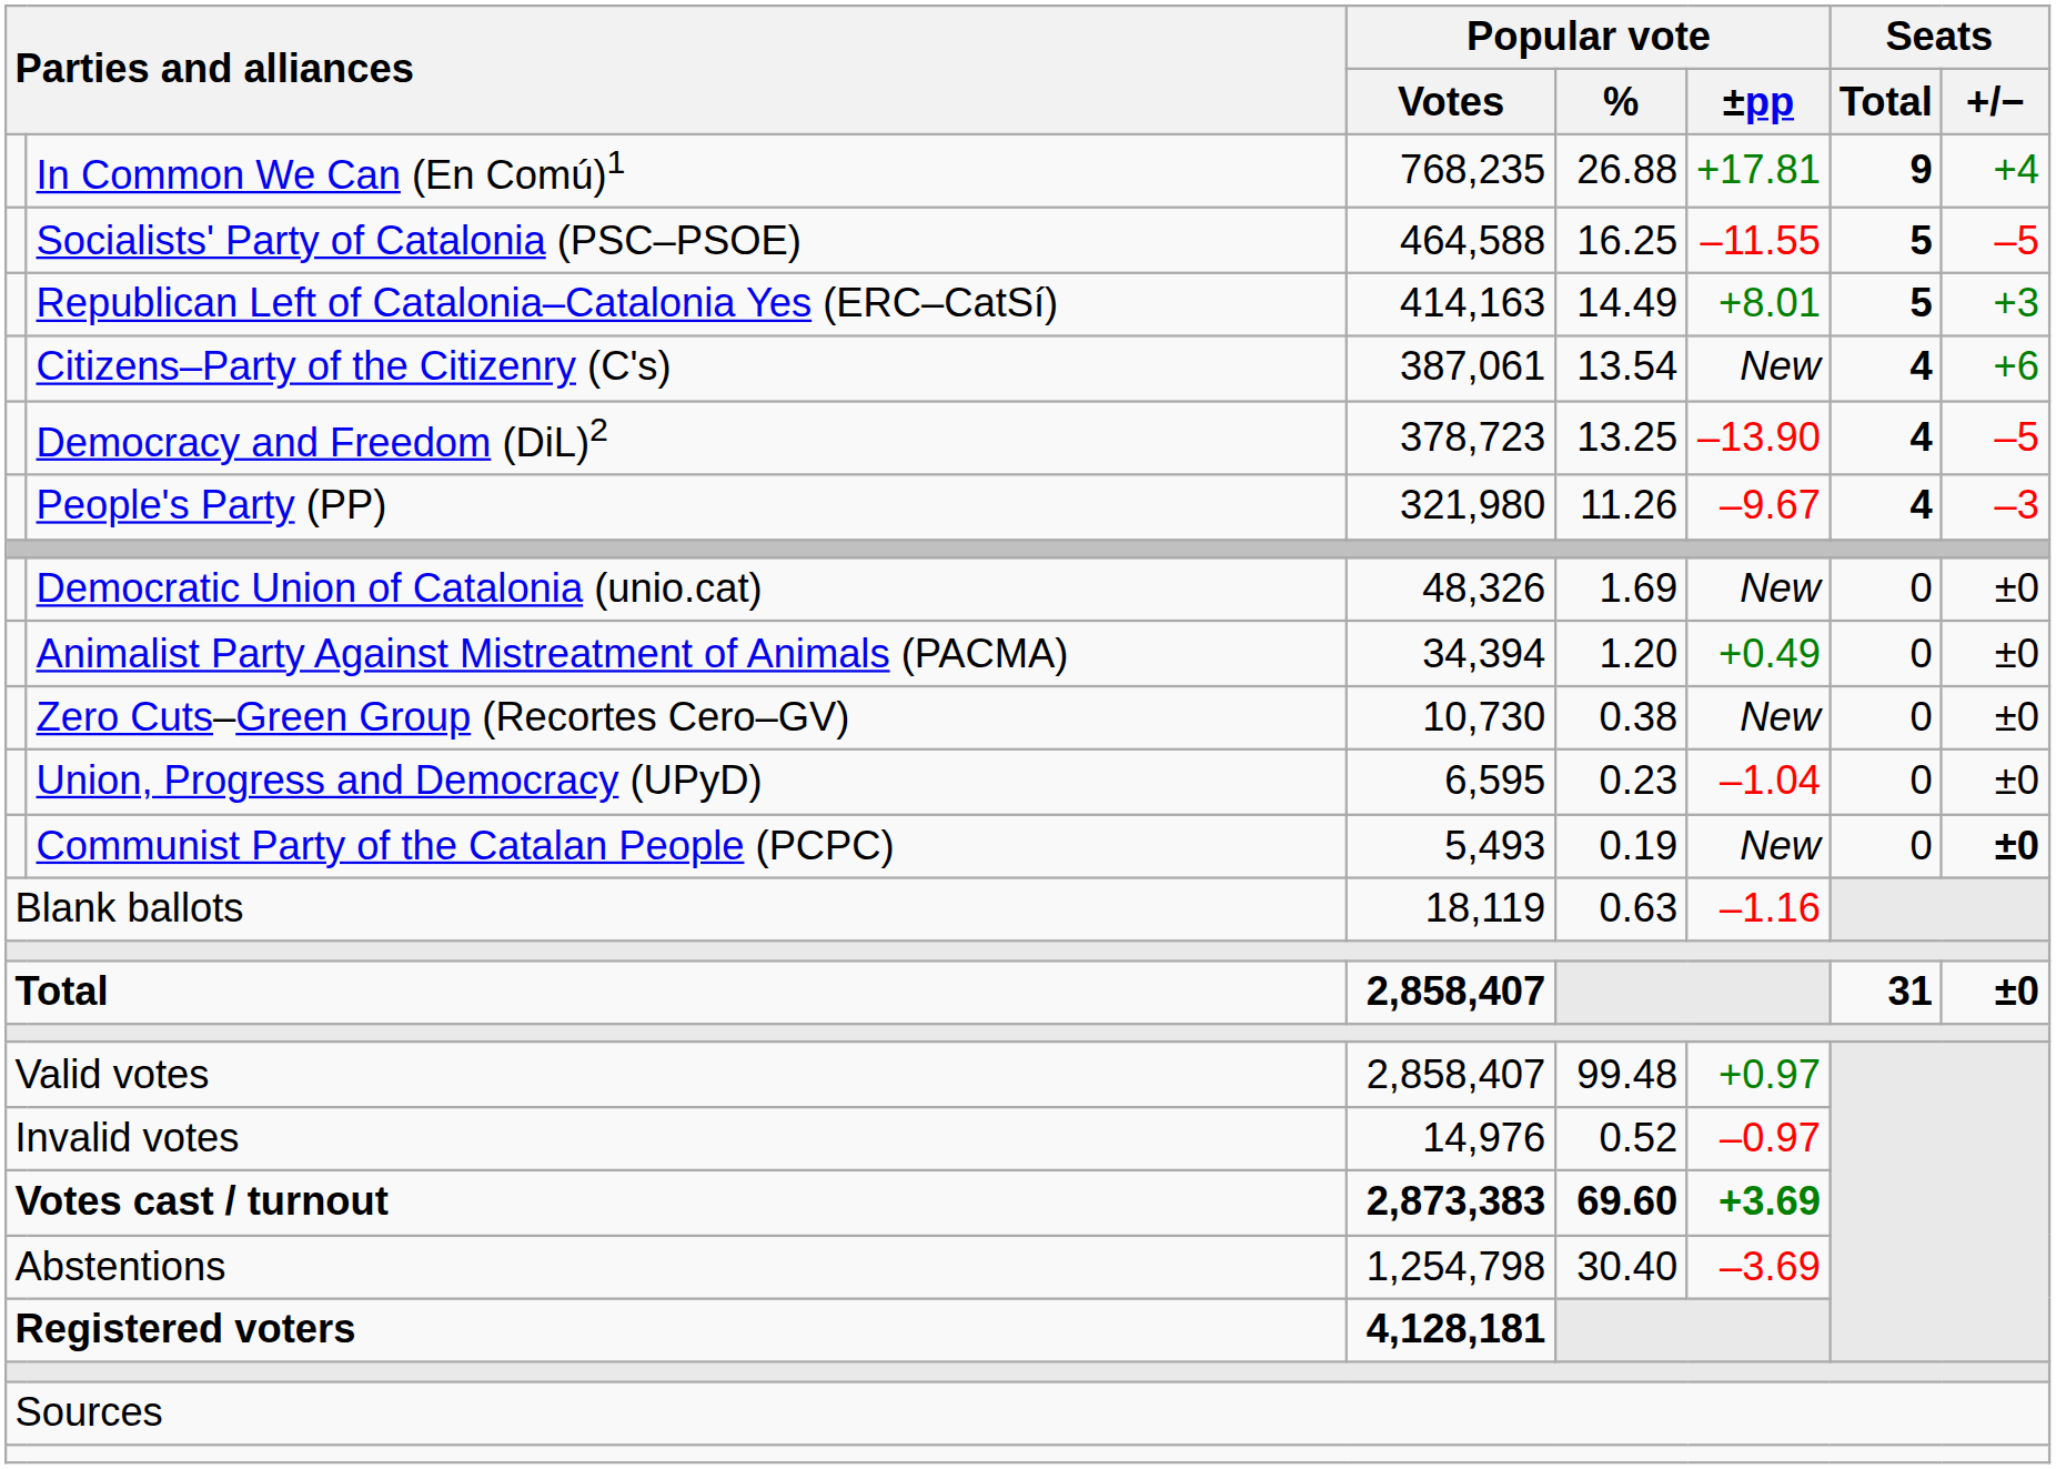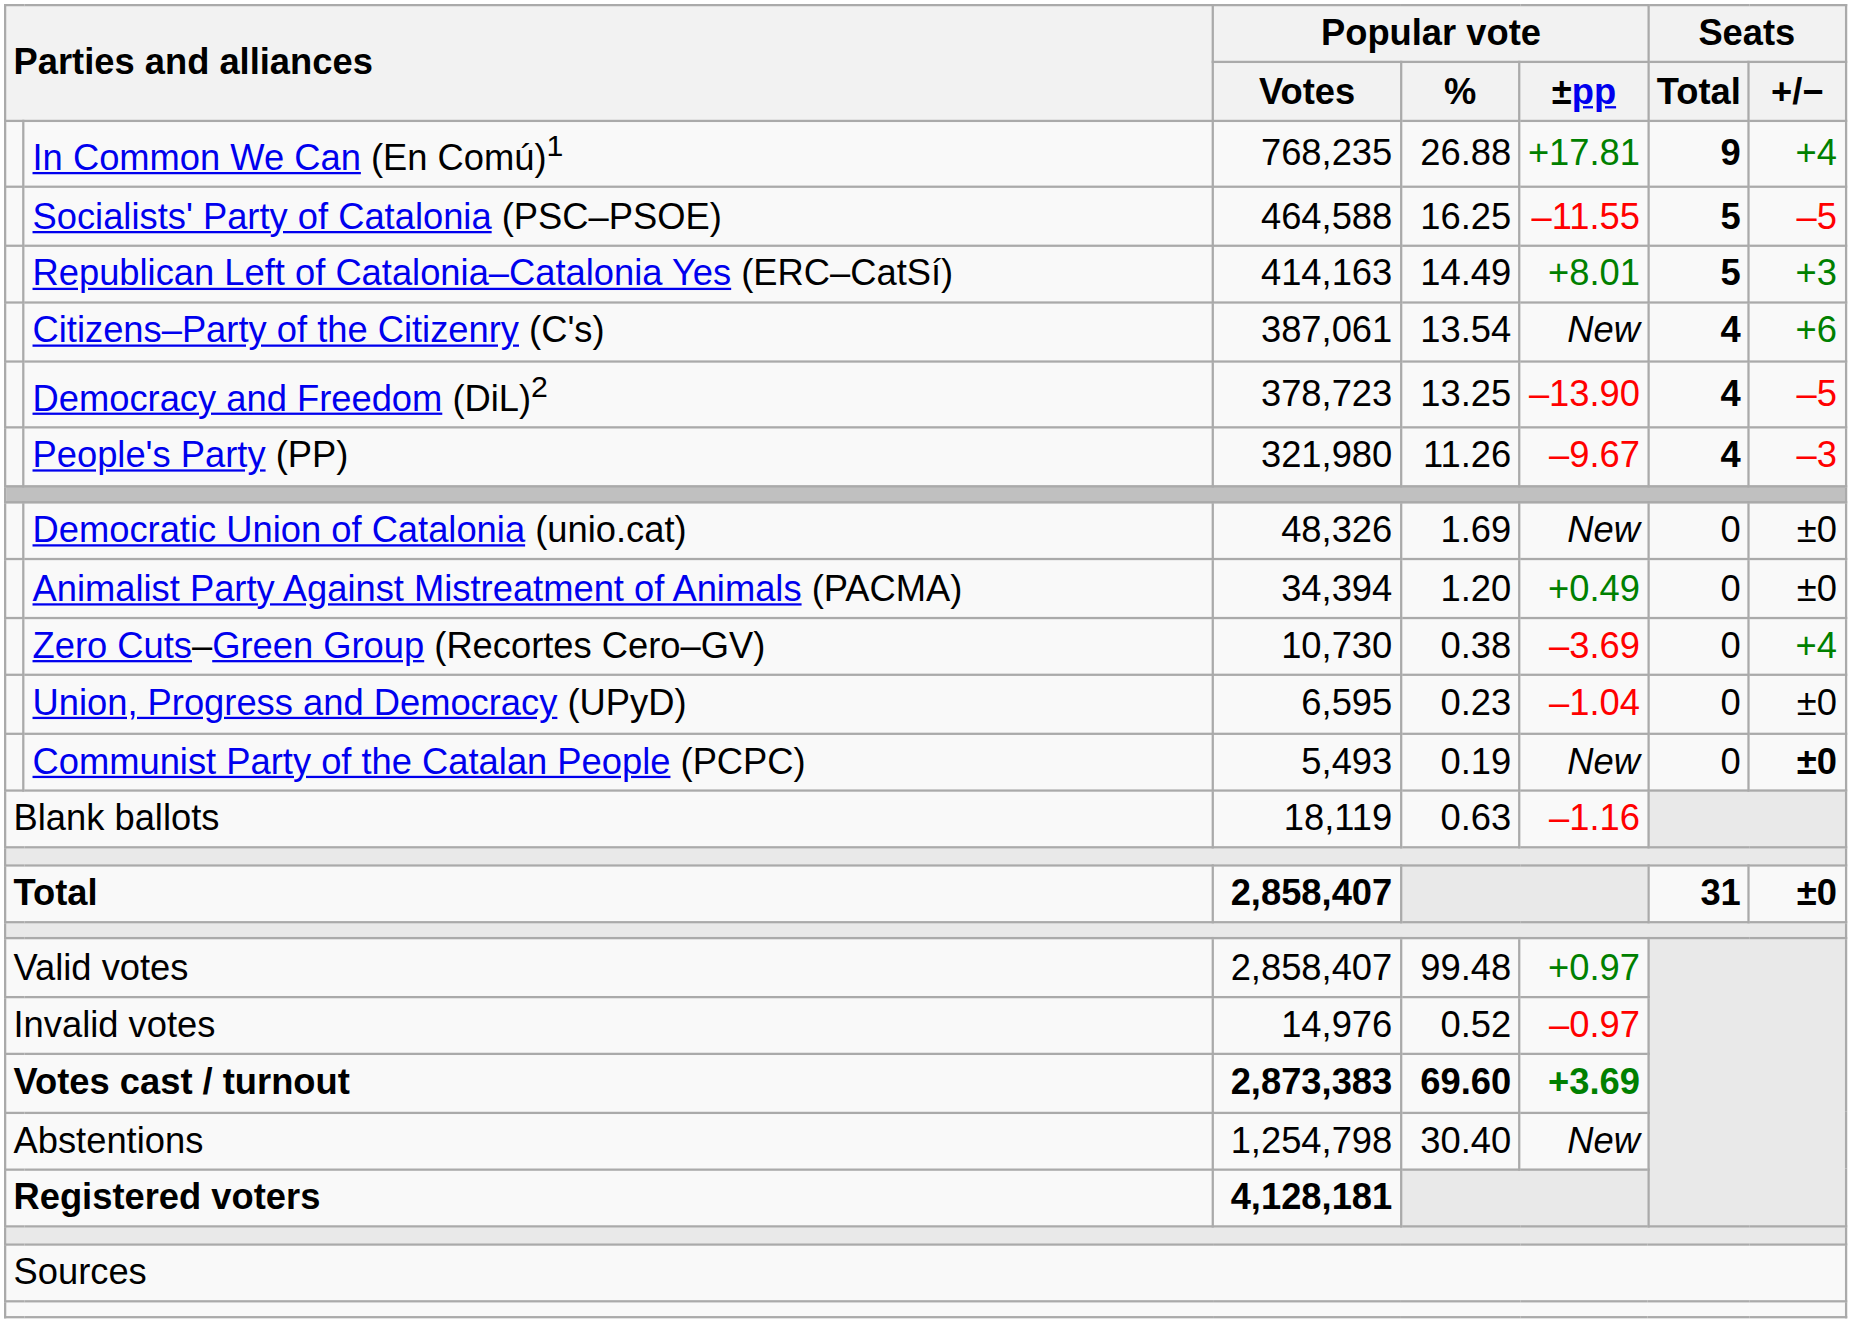 <table class="wikitable" style="text-align:right;">
 <tr>
 <th style="text-align:left;" rowspan="2" colspan="2" width="525">Parties and alliances</th>
 <th colspan="3">Popular vote</th>
 <th colspan="2">Seats</th>
 </tr>
 <tr>
 <th width="75">Votes</th>
 <th width="45">%</th>
 <th width="45">±<a href='#'>pp</a></th>
 <th width="35">Total</th>
 <th width="35">+/−</th>
 </tr>
 <tr>
 <td width="1" style="color:inherit;background:"></td>
 <td align="left"><a href='#'>In Common We Can</a> (En Comú)<sup>1</sup></td>
 <td>768,235</td>
 <td>26.88</td>
 <td style="color:green;">+17.81</td>
 <td><strong>9</strong></td>
 <td style="color:green;">+4</td>
 </tr>
 <tr>
 <td style="color:inherit;background:"></td>
 <td align="left"><a href='#'>Socialists' Party of Catalonia</a> (PSC–PSOE)</td>
 <td>464,588</td>
 <td>16.25</td>
 <td style="color:red;">–11.55</td>
 <td><strong>5</strong></td>
 <td style="color:red;">–5</td>
 </tr>
 <tr>
 <td style="color:inherit;background:"></td>
 <td align="left"><a href='#'>Republican Left of Catalonia–Catalonia Yes</a> (ERC–CatSí)</td>
 <td>414,163</td>
 <td>14.49</td>
 <td style="color:green;">+8.01</td>
 <td><strong>5</strong></td>
 <td style="color:green;">+3</td>
 </tr>
 <tr>
 <td style="color:inherit;background:"></td>
 <td align="left"><a href='#'>Citizens–Party of the Citizenry</a> (C's)</td>
 <td>387,061</td>
 <td>13.54</td>
 <td><em>New</em></td>
 <td><strong>4</strong></td>
 <td style="color:green;">+6</td>
 </tr>
 <tr>
 <td style="color:inherit;background:"></td>
 <td align="left"><a href='#'>Democracy and Freedom</a> (DiL)<sup>2</sup></td>
 <td>378,723</td>
 <td>13.25</td>
 <td style="color:red;">–13.90</td>
 <td><strong>4</strong></td>
 <td style="color:red;">–5</td>
 </tr>
 <tr>
 <td style="color:inherit;background:"></td>
 <td align="left"><a href='#'>People's Party</a> (PP)</td>
 <td>321,980</td>
 <td>11.26</td>
 <td style="color:red;">–9.67</td>
 <td><strong>4</strong></td>
 <td style="color:red;">–3</td>
 </tr>
 <tr>
 <td colspan="7" bgcolor="#C0C0C0"></td>
 </tr>
 <tr>
 <td style="color:inherit;background:"></td>
 <td align="left"><a href='#'>Democratic Union of Catalonia</a> (unio.cat)</td>
 <td>48,326</td>
 <td>1.69</td>
 <td><em>New</em></td>
 <td>0</td>
 <td>±0</td>
 </tr>
 <tr>
 <td style="color:inherit;background:"></td>
 <td align="left"><a href='#'>Animalist Party Against Mistreatment of Animals</a> (PACMA)</td>
 <td>34,394</td>
 <td>1.20</td>
 <td style="color:green;">+0.49</td>
 <td>0</td>
 <td>±0</td>
 </tr>
 <tr>
 <td style="color:inherit;background:"></td>
 <td align="left"><a href='#'>Zero Cuts</a>–<a href='#'>Green Group</a> (Recortes Cero–GV)</td>
 <td>10,730</td>
 <td>0.38</td>
-<td><em>New</em></td>
+<td style="color:red;">–3.69</td>
 <td>0</td>
-<td>±0</td>
+<td style="color:green;">+4</td>
 </tr>
 <tr>
 <td style="color:inherit;background:"></td>
 <td align="left"><a href='#'>Union, Progress and Democracy</a> (UPyD)</td>
 <td>6,595</td>
 <td>0.23</td>
 <td style="color:red;">–1.04</td>
 <td>0</td>
 <td>±0</td>
 </tr>
 <tr>
 <td style="color:inherit;background:"></td>
 <td align="left"><a href='#'>Communist Party of the Catalan People</a> (PCPC)</td>
 <td>5,493</td>
 <td>0.19</td>
 <td><em>New</em></td>
 <td>0</td>
 <td><strong>±0</strong></td>
 </tr>
 <tr>
 <td align="left" colspan="2">Blank ballots</td>
 <td>18,119</td>
 <td>0.63</td>
 <td style="color:red;">–1.16</td>
 <td bgcolor="#E9E9E9" colspan="2"></td>
 </tr>
 <tr>
 <td colspan="7" bgcolor="#E9E9E9"></td>
 </tr>
 <tr style="font-weight:bold;">
 <td align="left" colspan="2">Total</td>
 <td>2,858,407</td>
 <td bgcolor="#E9E9E9" colspan="2"></td>
 <td>31</td>
 <td>±0</td>
 </tr>
 <tr>
 <td colspan="7" bgcolor="#E9E9E9"></td>
 </tr>
 <tr>
 <td align="left" colspan="2">Valid votes</td>
 <td>2,858,407</td>
 <td>99.48</td>
 <td style="color:green;">+0.97</td>
 <td bgcolor="#E9E9E9" colspan="2" rowspan="5"></td>
 </tr>
 <tr>
 <td align="left" colspan="2">Invalid votes</td>
 <td>14,976</td>
 <td>0.52</td>
 <td style="color:red;">–0.97</td>
 </tr>
 <tr style="font-weight:bold;">
 <td align="left" colspan="2">Votes cast / turnout</td>
 <td>2,873,383</td>
 <td>69.60</td>
 <td style="color:green;">+3.69</td>
 </tr>
 <tr>
 <td align="left" colspan="2">Abstentions</td>
 <td>1,254,798</td>
 <td>30.40</td>
-<td style="color:red;">–3.69</td>
+<td><em>New</em></td>
 </tr>
 <tr style="font-weight:bold;">
 <td align="left" colspan="2">Registered voters</td>
 <td>4,128,181</td>
 <td bgcolor="#E9E9E9" colspan="2"></td>
 </tr>
 <tr>
 <td colspan="7" bgcolor="#E9E9E9"></td>
 </tr>
 <tr>
 <td align="left" colspan="7">Sources</td>
 </tr>
 <tr>
 <td colspan="7" style="text-align:left; max-width:790px;"></td>
 </tr>
 </table>
